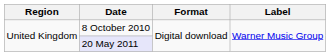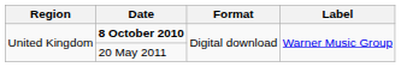 <table class=wikitable>
 <tr>
 <th>Region</th>
 <th>Date</th>
 <th>Format</th>
 <th>Label</th>
 </tr>
 <tr>
 <td rowspan="2">United Kingdom</td>
-<td>8 October 2010</td>
+<td><strong>8 October 2010</strong></td>
 <td rowspan="2">Digital download</td>
 <td rowspan="2"><a href='#'>Warner Music Group</a></td>
 </tr>
 <tr>
-<td style="background: lavender;">20 May 2011</td>
+<td>20 May 2011</td>
 </tr>
 </table>
